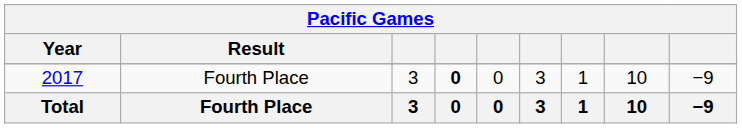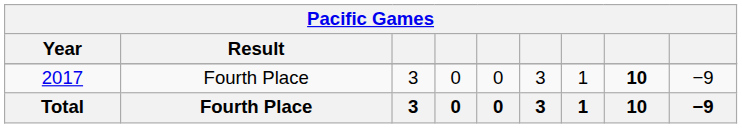 <table class="wikitable" style="text-align: center; width:50%;">
 <tr>
 <th colspan=10><a href='#'>Pacific Games</a></th>
 </tr>
 <tr>
 <th>Year</th>
 <th>Result</th>
 <th></th>
 <th></th>
 <th></th>
 <th></th>
 <th></th>
 <th></th>
 <th></th>
 </tr>
 <tr>
 </tr>
 <tr>
 </tr>
 <tr>
 </tr>
 <tr>
 <td> <a href='#'>2017</a></td>
 <td>Fourth Place</td>
 <td>3</td>
-<td><strong>0</strong></td>
+<td>0</td>
 <td>0</td>
 <td>3</td>
 <td>1</td>
-<td>10</td>
+<td><strong>10</strong></td>
 <td>−9</td>
 </tr>
 <tr>
 <th>Total</th>
 <th>Fourth Place</th>
 <th>3</th>
 <th>0</th>
 <th>0</th>
 <th>3</th>
 <th>1</th>
 <th>10</th>
 <th>−9</th>
 </tr>
 </table>
